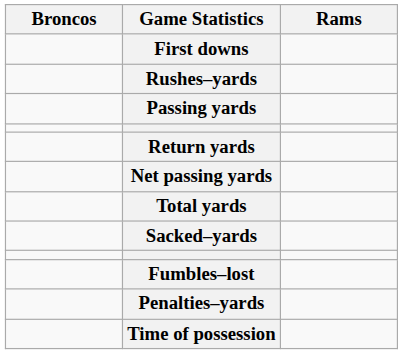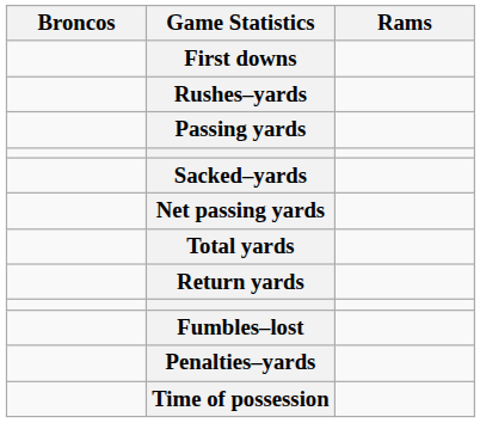 <table class="wikitable" style="margin: 1em auto 1em auto">
 <tr>
 <th style="width:30%;">Broncos</th>
 <th style="width:40%;">Game Statistics</th>
 <th style="width:30%;">Rams</th>
 </tr>
 <tr>
 <td style="text-align:right;"></td>
 <th>First downs</th>
 <td></td>
 </tr>
 <tr>
 <td style="text-align:right;"></td>
 <th>Rushes–yards</th>
 <td></td>
 </tr>
 <tr>
 <td style="text-align:right;"></td>
 <th>Passing yards</th>
 <td></td>
 </tr>
 <tr>
 <td style="text-align:right;"></td>
 <th></th>
 <td></td>
 </tr>
 <tr>
 <td style="text-align:right;"></td>
-<th>Return yards</th>
+<th>Sacked–yards</th>
 <td></td>
 </tr>
 <tr>
 <td style="text-align:right;"></td>
 <th>Net passing yards</th>
 <td></td>
 </tr>
 <tr>
 <td style="text-align:right;"></td>
 <th>Total yards</th>
 <td></td>
 </tr>
 <tr>
 <td style="text-align:right;"></td>
-<th>Sacked–yards</th>
+<th>Return yards</th>
 <td></td>
 </tr>
 <tr>
 <td style="text-align:right;"></td>
 <th></th>
 <td></td>
 </tr>
 <tr>
 <td style="text-align:right;"></td>
 <th>Fumbles–lost</th>
 <td></td>
 </tr>
 <tr>
 <td style="text-align:right;"></td>
 <th>Penalties–yards</th>
 <td></td>
 </tr>
 <tr>
 <td style="text-align:right;"></td>
 <th>Time of possession</th>
 <td></td>
 </tr>
 </table>
